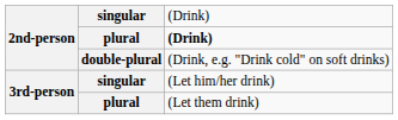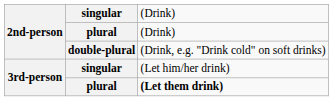 <table class="wikitable">
 <tr>
 <th rowspan="3">2nd-person</th>
 <th>singular</th>
 <td> (Drink)</td>
 </tr>
 <tr>
 <th>plural</th>
-<td><strong> (Drink)</strong></td>
+<td> (Drink)</td>
 </tr>
 <tr>
 <th>double-plural</th>
 <td> (Drink, e.g.  "Drink cold" on soft drinks)</td>
 </tr>
 <tr>
 <th rowspan="2">3rd-person</th>
 <th>singular</th>
 <td> (Let him/her drink)</td>
 </tr>
 <tr>
 <th>plural</th>
-<td> (Let them drink)</td>
+<td><strong> (Let them drink)</strong></td>
 </tr>
 </table>
